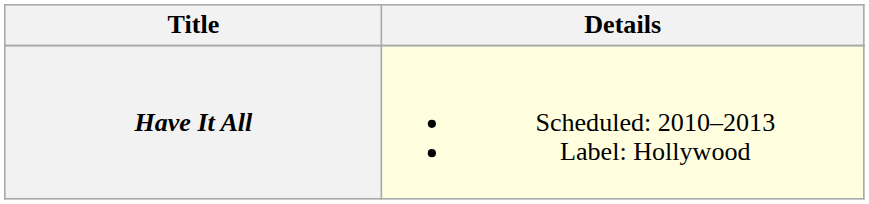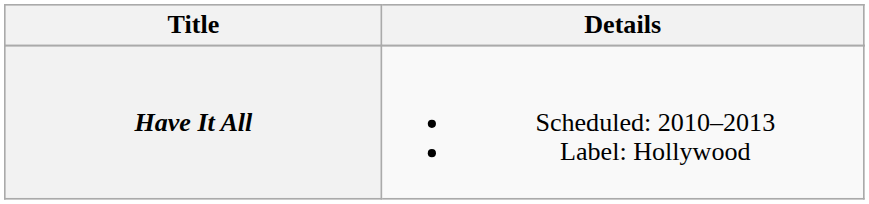 <table class="wikitable plainrowheaders" style="text-align:center;">
 <tr>
 <th scope="col" style="width:14em;">Title</th>
 <th scope="col" style="width:18em;">Details</th>
 </tr>
 <tr>
 </tr>
 <tr>
 <th scope="row"><em>Have It All</em></th>
-<td style="background: lightyellow;"><br><ul><li>Scheduled: 2010–2013</li><li>Label: Hollywood</li></ul></td>
+<td><br><ul><li>Scheduled: 2010–2013</li><li>Label: Hollywood</li></ul></td>
 </tr>
 </table>
